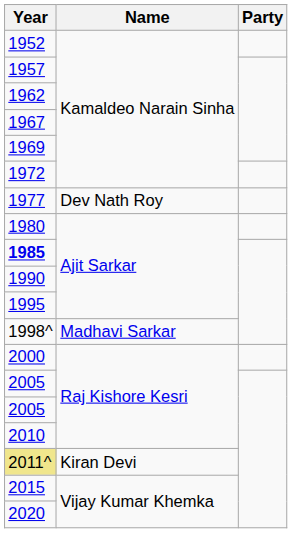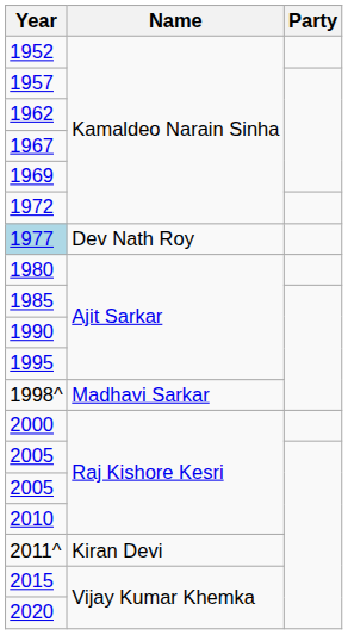 <table class="wikitable sortable">
 <tr>
 <th>Year</th>
 <th>Name</th>
 <th colspan="2">Party</th>
 </tr>
 <tr>
 <td><a href='#'>1952</a></td>
 <td rowspan="6">Kamaldeo Narain Sinha</td>
 <td></td>
 </tr>
 <tr>
 <td><a href='#'>1957</a></td>
 </tr>
 <tr>
 <td><a href='#'>1962</a></td>
 </tr>
 <tr>
 <td><a href='#'>1967</a></td>
 </tr>
 <tr>
 <td><a href='#'>1969</a></td>
 </tr>
 <tr>
 <td><a href='#'>1972</a></td>
 <td></td>
 </tr>
 <tr>
-<td><a href='#'>1977</a></td>
+<td style="background: lightblue;"><a href='#'>1977</a></td>
 <td>Dev Nath Roy</td>
 <td></td>
 </tr>
 <tr>
 <td><a href='#'>1980</a></td>
 <td rowspan="4"><a href='#'>Ajit Sarkar</a></td>
 <td></td>
 </tr>
 <tr>
-<td><strong><a href='#'>1985</a></strong></td>
+<td><a href='#'>1985</a></td>
 </tr>
 <tr>
 <td><a href='#'>1990</a></td>
 </tr>
 <tr>
 <td><a href='#'>1995</a></td>
 </tr>
 <tr>
 <td>1998^</td>
 <td><a href='#'>Madhavi Sarkar</a></td>
 </tr>
 <tr>
 <td><a href='#'>2000</a></td>
 <td rowspan="4"><a href='#'>Raj Kishore Kesri</a></td>
 <td></td>
 </tr>
 <tr>
 <td><a href='#'>2005</a></td>
 </tr>
 <tr>
 <td><a href='#'>2005</a></td>
 </tr>
 <tr>
 <td><a href='#'>2010</a></td>
 </tr>
 <tr>
-<td style="background: khaki;">2011^</td>
+<td>2011^</td>
 <td>Kiran Devi</td>
 </tr>
 <tr>
 <td><a href='#'>2015</a></td>
 <td rowspan="2">Vijay Kumar Khemka</td>
 </tr>
 <tr>
 <td><a href='#'>2020</a></td>
 </tr>
 </table>
